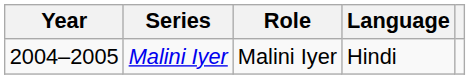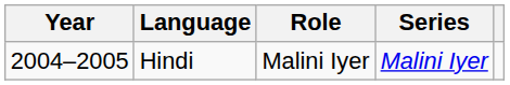 <table class="wikitable sortable">
 <tr>
 <th>Year</th>
+<th>Language</th>
+<th>Role</th>
 <th>Series</th>
-<th>Role</th>
-<th>Language</th>
 <th></th>
 </tr>
 <tr>
 <td>2004–2005</td>
+<td>Hindi</td>
+<td>Malini Iyer</td>
 <td><em><a href='#'>Malini Iyer</a></em></td>
-<td>Malini Iyer</td>
-<td>Hindi</td>
 <td></td>
 </tr>
 </table>
